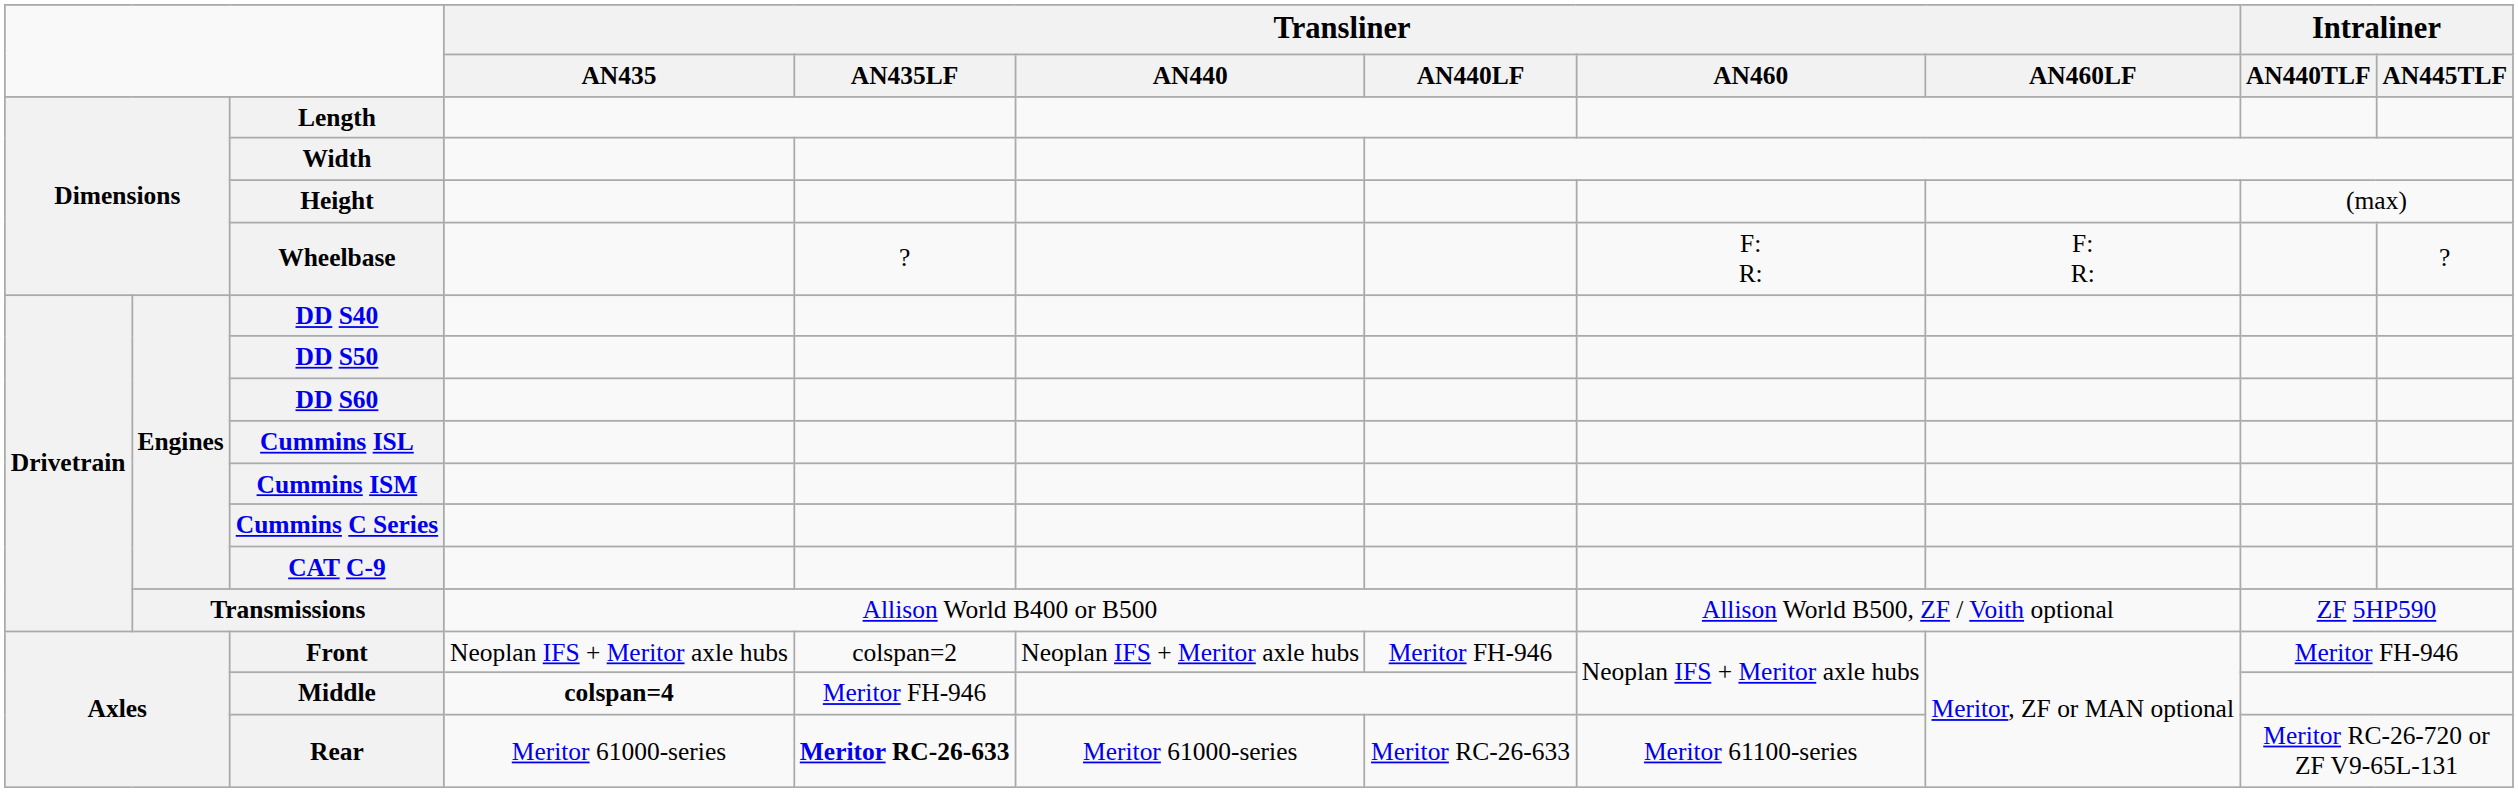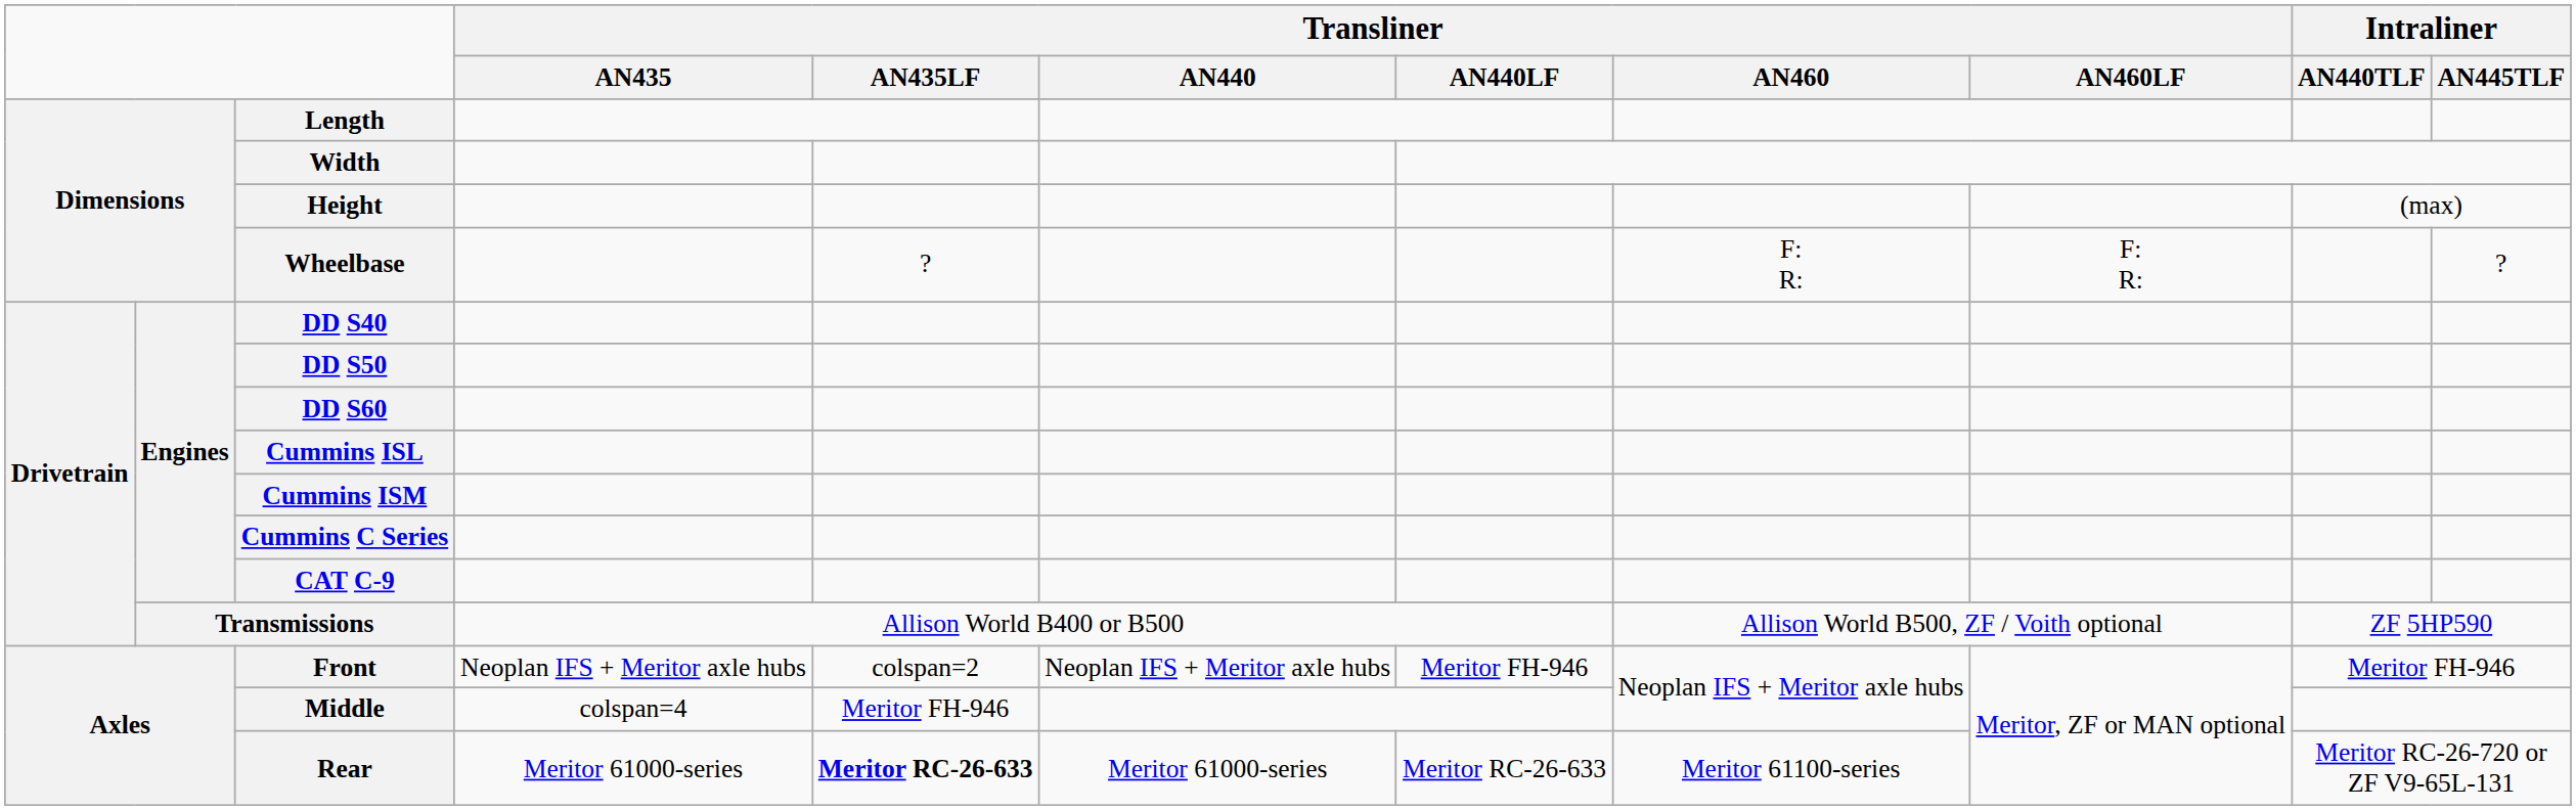 <table class="wikitable" style="text-align:center;font-size:90%;">
 <tr style="font-size:120%;">
 <td colspan=3 rowspan=2> </td>
 <th colspan=6>Transliner</th>
 <th colspan=2>Intraliner</th>
 </tr>
 <tr>
 <th>AN435</th>
 <th>AN435LF</th>
 <th>AN440</th>
 <th>AN440LF</th>
 <th>AN460</th>
 <th>AN460LF</th>
 <th>AN440TLF</th>
 <th>AN445TLF</th>
 </tr>
 <tr>
 <th rowspan=4 colspan=2>Dimensions</th>
 <th>Length</th>
 <td colspan=2></td>
 <td colspan=2></td>
 <td colspan=2></td>
 <td></td>
 <td></td>
 </tr>
 <tr>
 <th>Width</th>
 <td></td>
 <td></td>
 <td></td>
 <td colspan=5></td>
 </tr>
 <tr>
 <th>Height</th>
 <td></td>
 <td></td>
 <td></td>
 <td></td>
 <td></td>
 <td></td>
 <td colspan=2> (max)</td>
 </tr>
 <tr>
 <th>Wheelbase</th>
 <td></td>
 <td>?</td>
 <td></td>
 <td></td>
 <td>F: <br>R: </td>
 <td>F: <br>R: </td>
 <td></td>
 <td>?</td>
 </tr>
 <tr>
 <th rowspan=8>Drivetrain</th>
 <th rowspan=7>Engines</th>
 <th><a href='#'>DD</a> <a href='#'>S40</a></th>
 <td></td>
 <td></td>
 <td></td>
 <td></td>
 <td></td>
 <td></td>
 <td></td>
 <td></td>
 </tr>
 <tr>
 <th><a href='#'>DD</a> <a href='#'>S50</a></th>
 <td></td>
 <td></td>
 <td></td>
 <td></td>
 <td></td>
 <td></td>
 <td></td>
 <td></td>
 </tr>
 <tr>
 <th><a href='#'>DD</a> <a href='#'>S60</a></th>
 <td></td>
 <td></td>
 <td></td>
 <td></td>
 <td></td>
 <td></td>
 <td></td>
 <td></td>
 </tr>
 <tr>
 <th><a href='#'>Cummins</a> <a href='#'>ISL</a></th>
 <td></td>
 <td></td>
 <td></td>
 <td></td>
 <td></td>
 <td></td>
 <td></td>
 <td></td>
 </tr>
 <tr>
 <th><a href='#'>Cummins</a> <a href='#'>ISM</a></th>
 <td></td>
 <td></td>
 <td></td>
 <td></td>
 <td></td>
 <td></td>
 <td></td>
 <td></td>
 </tr>
 <tr>
 <th><a href='#'>Cummins</a> <a href='#'>C Series</a></th>
 <td></td>
 <td></td>
 <td></td>
 <td></td>
 <td></td>
 <td></td>
 <td></td>
 <td></td>
 </tr>
 <tr>
 <th><a href='#'>CAT</a> <a href='#'>C-9</a></th>
 <td></td>
 <td></td>
 <td></td>
 <td></td>
 <td></td>
 <td></td>
 <td></td>
 <td></td>
 </tr>
 <tr>
 <th colspan=2>Transmissions</th>
 <td colspan=4><a href='#'>Allison</a> World B400 or B500</td>
 <td colspan=2><a href='#'>Allison</a> World B500, <a href='#'>ZF</a> / <a href='#'>Voith</a> optional</td>
 <td colspan=2><a href='#'>ZF</a> <a href='#'>5HP590</a></td>
 </tr>
 <tr>
 <th rowspan=3 colspan=2>Axles</th>
 <th>Front</th>
 <td>Neoplan <a href='#'>IFS</a> + <a href='#'>Meritor</a> axle hubs</td>
 <td>colspan=2 </td>
 <td>Neoplan <a href='#'>IFS</a> + <a href='#'>Meritor</a> axle hubs</td>
 <td><a href='#'>Meritor</a> FH-946</td>
 <td rowspan=2>Neoplan <a href='#'>IFS</a> + <a href='#'>Meritor</a> axle hubs</td>
 <td rowspan=3><a href='#'>Meritor</a>, ZF or MAN optional</td>
 <td colspan=2><a href='#'>Meritor</a> FH-946</td>
 </tr>
 <tr>
 <th>Middle</th>
-<td><strong>colspan=4 </strong></td>
+<td>colspan=4 </td>
 <td><a href='#'>Meritor</a> FH-946</td>
 </tr>
 <tr>
 <th>Rear</th>
 <td><a href='#'>Meritor</a> 61000-series</td>
 <td><strong><a href='#'>Meritor</a> RC-26-633</strong></td>
 <td><a href='#'>Meritor</a> 61000-series</td>
 <td><a href='#'>Meritor</a> RC-26-633</td>
 <td><a href='#'>Meritor</a> 61100-series</td>
 <td colspan=2><a href='#'>Meritor</a> RC-26-720 or<br>ZF V9-65L-131</td>
 </tr>
 </table>
